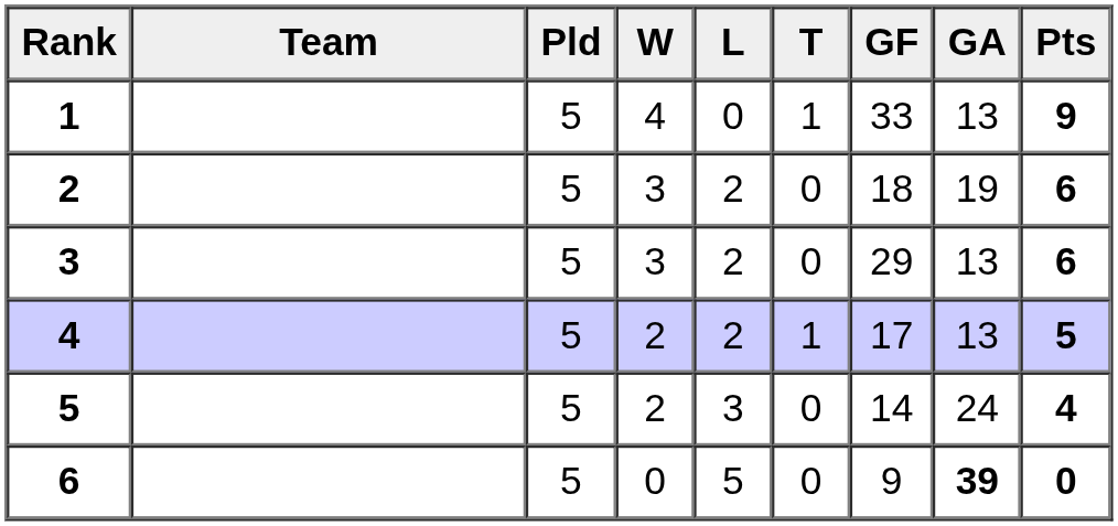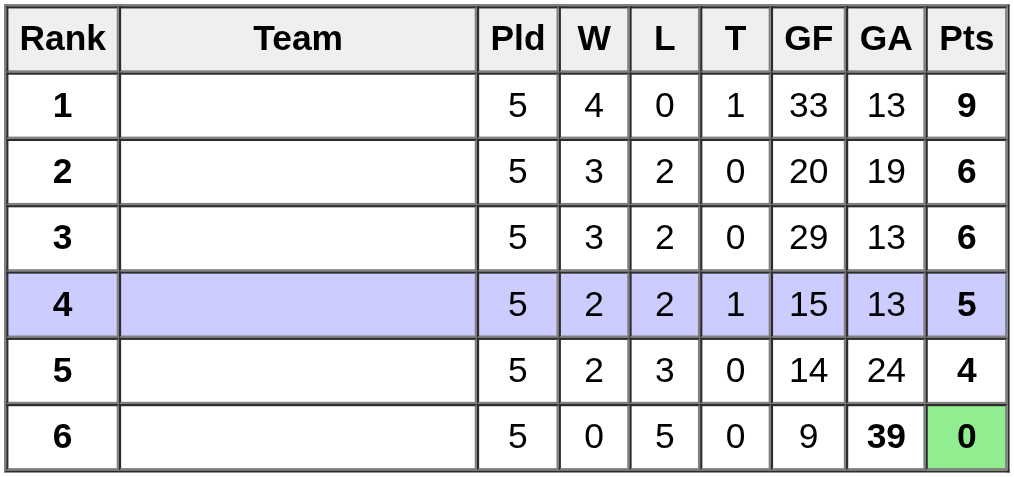 <table border=1 cellpadding=5 cellspacing=0>
 <tr>
 <th bgcolor="#efefef" width="20">Rank</th>
 <th bgcolor="#efefef" width="150">Team</th>
 <th bgcolor="#efefef" width="20">Pld</th>
 <th bgcolor="#efefef" width="20">W</th>
 <th bgcolor="#efefef" width="20">L</th>
 <th bgcolor="#efefef" width="20">T</th>
 <th bgcolor="#efefef" width="20">GF</th>
 <th bgcolor="#efefef" width="20">GA</th>
 <th bgcolor="#efefef" width="20">Pts</th>
 </tr>
 <tr align=center>
 <td><strong>1</strong></td>
 <td align=left></td>
 <td>5</td>
 <td>4</td>
 <td>0</td>
 <td>1</td>
 <td>33</td>
 <td>13</td>
 <td><strong>9</strong></td>
 </tr>
 <tr align=center>
 <td><strong>2</strong></td>
 <td align=left></td>
 <td>5</td>
 <td>3</td>
 <td>2</td>
 <td>0</td>
-<td>18</td>
+<td>20</td>
 <td>19</td>
 <td><strong>6</strong></td>
 </tr>
 <tr align=center>
 <td><strong>3</strong></td>
 <td align=left></td>
 <td>5</td>
 <td>3</td>
 <td>2</td>
 <td>0</td>
 <td>29</td>
 <td>13</td>
 <td><strong>6</strong></td>
 </tr>
 <tr align=center bgcolor="ccccff">
 <td><strong>4</strong></td>
 <td align=left></td>
 <td>5</td>
 <td>2</td>
 <td>2</td>
 <td>1</td>
-<td>17</td>
+<td>15</td>
 <td>13</td>
 <td><strong>5</strong></td>
 </tr>
 <tr align=center>
 <td><strong>5</strong></td>
 <td align=left></td>
 <td>5</td>
 <td>2</td>
 <td>3</td>
 <td>0</td>
 <td>14</td>
 <td>24</td>
 <td><strong>4</strong></td>
 </tr>
 <tr align=center>
 <td><strong>6</strong></td>
 <td align=left></td>
 <td>5</td>
 <td>0</td>
 <td>5</td>
 <td>0</td>
 <td>9</td>
 <td><strong>39</strong></td>
-<td><strong>0</strong></td>
+<td style="background: lightgreen;"><strong>0</strong></td>
 </tr>
 </table>
